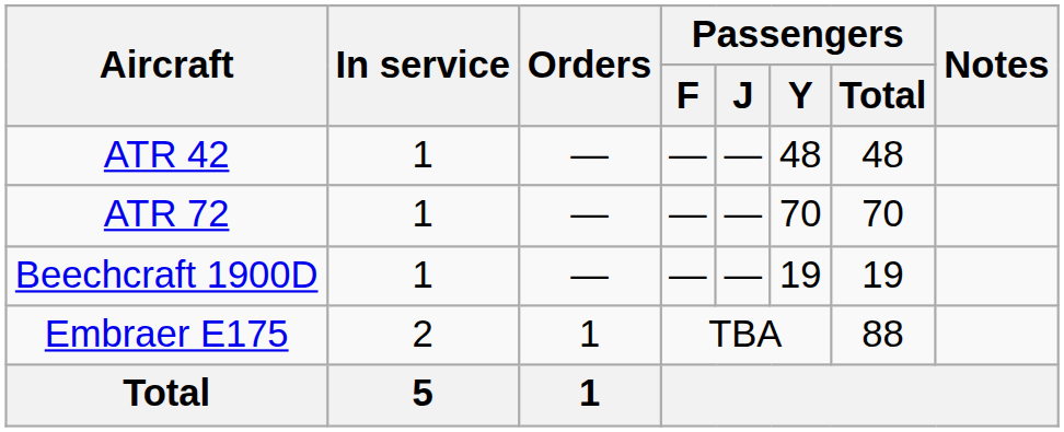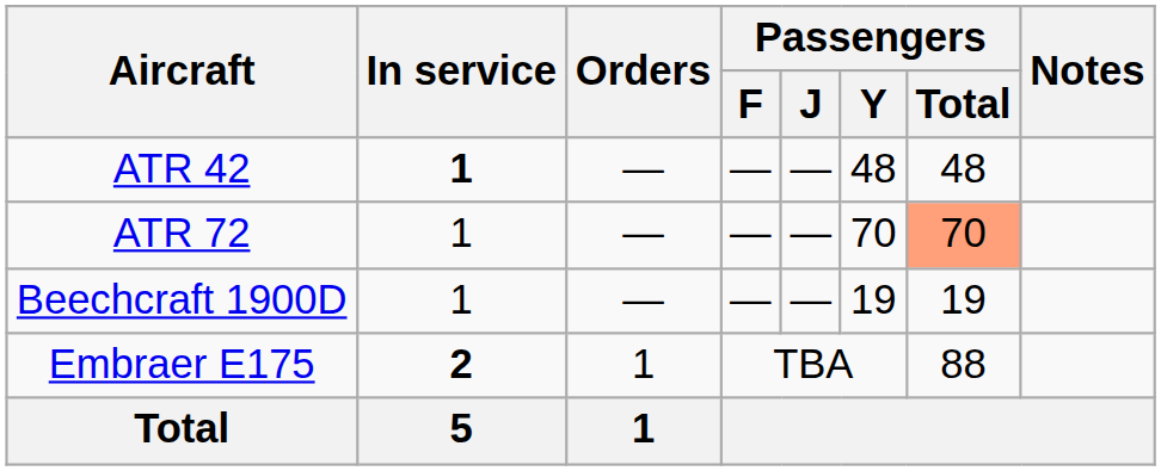 <table class="wikitable" style="border-collapse:collapse;text-align:center;margin:auto;">
 <tr>
 <th rowspan="2">Aircraft</th>
 <th rowspan="2">In service</th>
 <th rowspan="2">Orders</th>
 <th colspan="4">Passengers</th>
 <th rowspan="2">Notes</th>
 </tr>
 <tr>
 <th><abbr>F</abbr></th>
 <th><abbr>J</abbr></th>
 <th><abbr>Y</abbr></th>
 <th>Total</th>
 </tr>
 <tr>
 <td><a href='#'>ATR 42</a></td>
-<td>1</td>
+<td><strong>1</strong></td>
 <td>—</td>
 <td>—</td>
 <td>—</td>
 <td>48</td>
 <td>48</td>
 <td></td>
 </tr>
 <tr>
 <td><a href='#'>ATR 72</a></td>
 <td>1</td>
 <td>—</td>
 <td>—</td>
 <td>—</td>
 <td>70</td>
-<td>70</td>
+<td style="background: lightsalmon;">70</td>
 <td></td>
 </tr>
 <tr>
 <td><a href='#'>Beechcraft 1900D</a></td>
 <td>1</td>
 <td>—</td>
 <td>—</td>
 <td>—</td>
 <td>19</td>
 <td>19</td>
 <td></td>
 </tr>
 <tr>
 <td><a href='#'>Embraer E175</a></td>
-<td>2</td>
+<td><strong>2</strong></td>
 <td>1</td>
 <td colspan="3">TBA</td>
 <td>88</td>
 <td></td>
 </tr>
 <tr>
 <th>Total</th>
 <th>5</th>
 <th>1</th>
 <th colspan="5"></th>
 </tr>
 </table>
